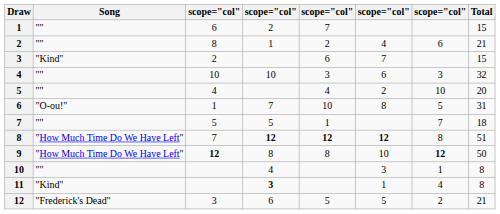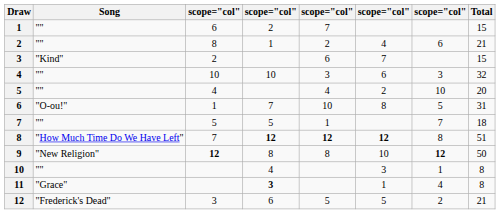 <table class="wikitable collapsible plainrowheaders" style="margin: 1em auto 1em auto; text-align:center;">
 <tr>
 <th>Draw</th>
 <th>Song</th>
 <th>scope="col" </th>
 <th>scope="col" </th>
 <th>scope="col" </th>
 <th>scope="col" </th>
 <th>scope="col" </th>
 <th>Total</th>
 </tr>
 <tr>
 <th scope="row" style="text-align:center;">1</th>
 <td align="left">""</td>
 <td>6</td>
 <td>2</td>
 <td>7</td>
 <td></td>
 <td></td>
 <td>15</td>
 </tr>
 <tr>
 <th scope="row" style="text-align:center;">2</th>
 <td align="left">""</td>
 <td>8</td>
 <td>1</td>
 <td>2</td>
 <td>4</td>
 <td>6</td>
 <td>21</td>
 </tr>
 <tr>
 <th scope="row" style="text-align:center;">3</th>
 <td align="left">"Kind"</td>
 <td>2</td>
 <td></td>
 <td>6</td>
 <td>7</td>
 <td></td>
 <td>15</td>
 </tr>
 <tr>
 <th scope="row" style="text-align:center;">4</th>
 <td align="left">""</td>
 <td>10</td>
 <td>10</td>
 <td>3</td>
 <td>6</td>
 <td>3</td>
 <td>32</td>
 </tr>
 <tr>
 <th scope="row" style="text-align:center;">5</th>
 <td align="left">""</td>
 <td>4</td>
 <td></td>
 <td>4</td>
 <td>2</td>
 <td>10</td>
 <td>20</td>
 </tr>
 <tr>
 <th scope="row" style="text-align:center;">6</th>
 <td align="left">"O-ou!"</td>
 <td>1</td>
 <td>7</td>
 <td>10</td>
 <td>8</td>
 <td>5</td>
 <td>31</td>
 </tr>
 <tr>
 <th scope="row" style="text-align:center;">7</th>
 <td align="left">""</td>
 <td>5</td>
 <td>5</td>
 <td>1</td>
 <td></td>
 <td>7</td>
 <td>18</td>
 </tr>
 <tr>
 <th scope="row" style="text-align:center;">8</th>
 <td align="left">"<a href='#'>How Much Time Do We Have Left</a>"</td>
 <td>7</td>
 <td><strong>12</strong></td>
 <td><strong>12</strong></td>
 <td><strong>12</strong></td>
 <td>8</td>
 <td>51</td>
 </tr>
 <tr>
 <th scope="row" style="text-align:center;">9</th>
-<td align="left">"<a href='#'>How Much Time Do We Have Left</a>"</td>
+<td align="left">"New Religion"</td>
 <td><strong>12</strong></td>
 <td>8</td>
 <td>8</td>
 <td>10</td>
 <td><strong>12</strong></td>
 <td>50</td>
 </tr>
 <tr>
 <th scope="row" style="text-align:center;">10</th>
 <td align="left">""</td>
 <td></td>
 <td>4</td>
 <td></td>
 <td>3</td>
 <td>1</td>
 <td>8</td>
 </tr>
 <tr>
 <th scope="row" style="text-align:center;">11</th>
-<td align="left">"Kind"</td>
+<td align="left">"Grace"</td>
 <td></td>
 <td><strong>3</strong></td>
 <td></td>
 <td>1</td>
 <td>4</td>
 <td>8</td>
 </tr>
 <tr>
 <th scope="row" style="text-align:center;">12</th>
 <td align="left">"Frederick's Dead"</td>
 <td>3</td>
 <td>6</td>
 <td>5</td>
 <td>5</td>
 <td>2</td>
 <td>21</td>
 </tr>
 </table>
